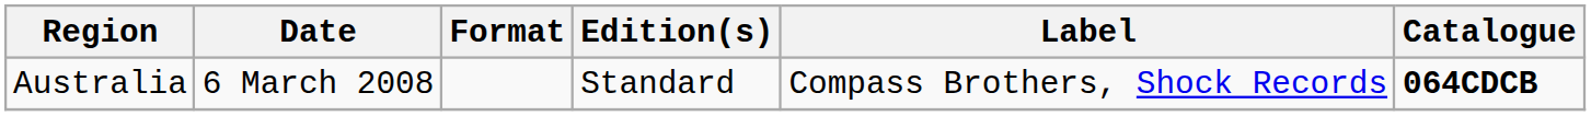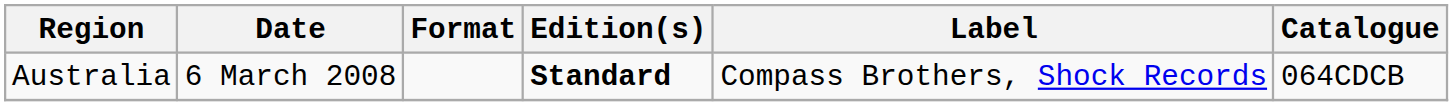 <table class="wikitable plainrowheaders">
 <tr>
 <th scope="col">Region</th>
 <th scope="col">Date</th>
 <th scope="col">Format</th>
 <th scope="col">Edition(s)</th>
 <th scope="col">Label</th>
 <th scope="col">Catalogue</th>
 </tr>
 <tr>
 <td>Australia</td>
 <td>6 March 2008</td>
 <td></td>
-<td>Standard</td>
+<td><strong>Standard</strong></td>
 <td>Compass Brothers, <a href='#'>Shock Records</a></td>
-<td><strong>064CDCB</strong></td>
+<td>064CDCB</td>
 </tr>
 <tr>
 </tr>
 </table>
